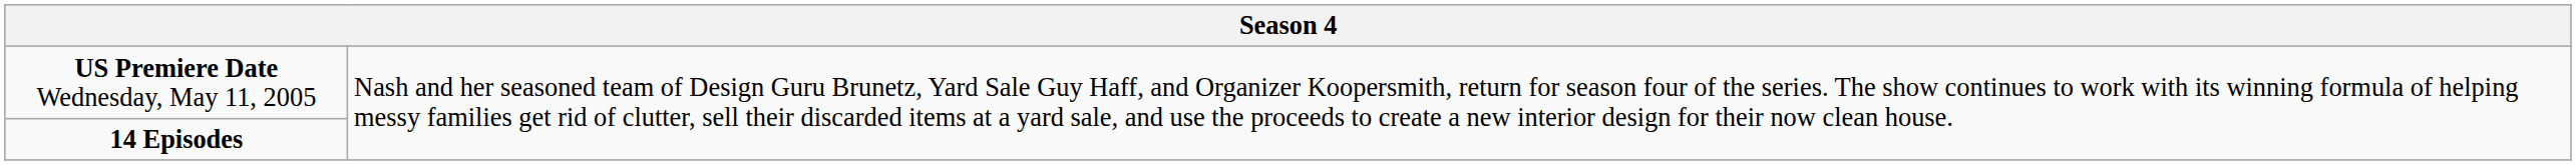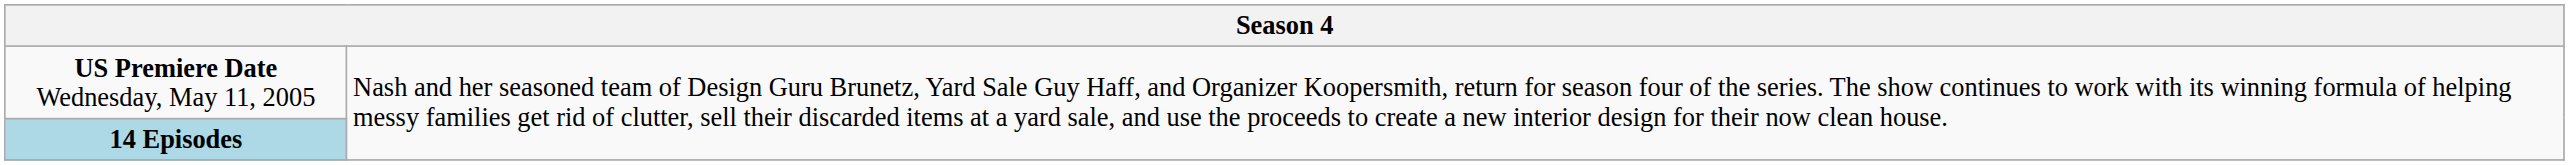 <table class="wikitable" style="width:98%;">
 <tr>
 <th colspan="2">Season 4</th>
 </tr>
 <tr>
 <td style="width:200px; text-align:center;"><strong>US Premiere Date</strong><br>Wednesday, May 11, 2005</td>
 <td rowspan="2">Nash and her seasoned team of Design Guru Brunetz, Yard Sale Guy Haff, and Organizer Koopersmith, return for season four of the series. The show continues to work with its winning formula of helping messy families get rid of clutter, sell their discarded items at a yard sale, and use the proceeds to create a new interior design for their now clean house.</td>
 </tr>
 <tr>
-<td style="text-align:center;"><strong>14 Episodes</strong></td>
+<td style="background: lightblue; text-align:center;"><strong>14 Episodes</strong></td>
 </tr>
 </table>
